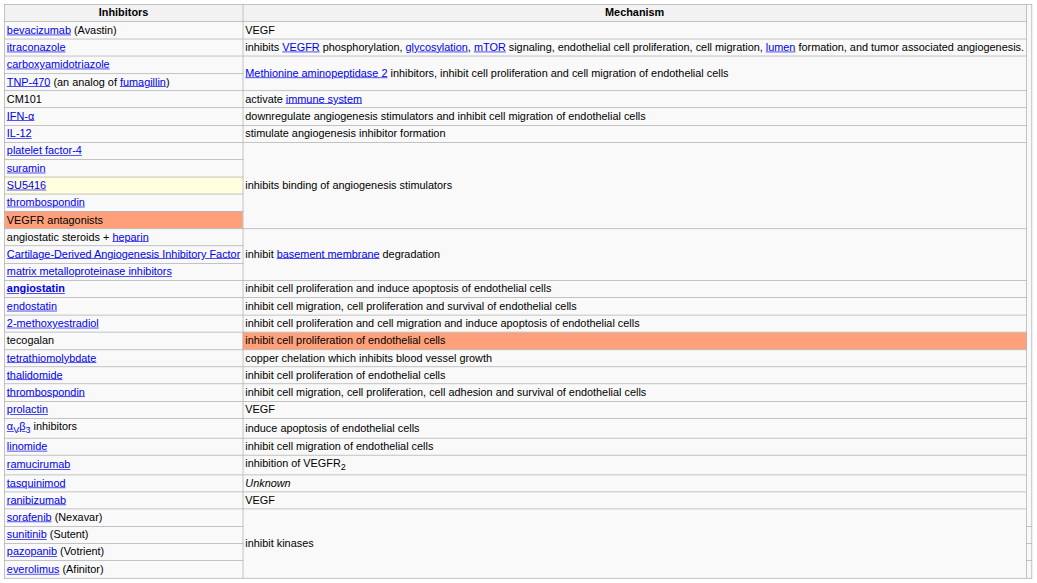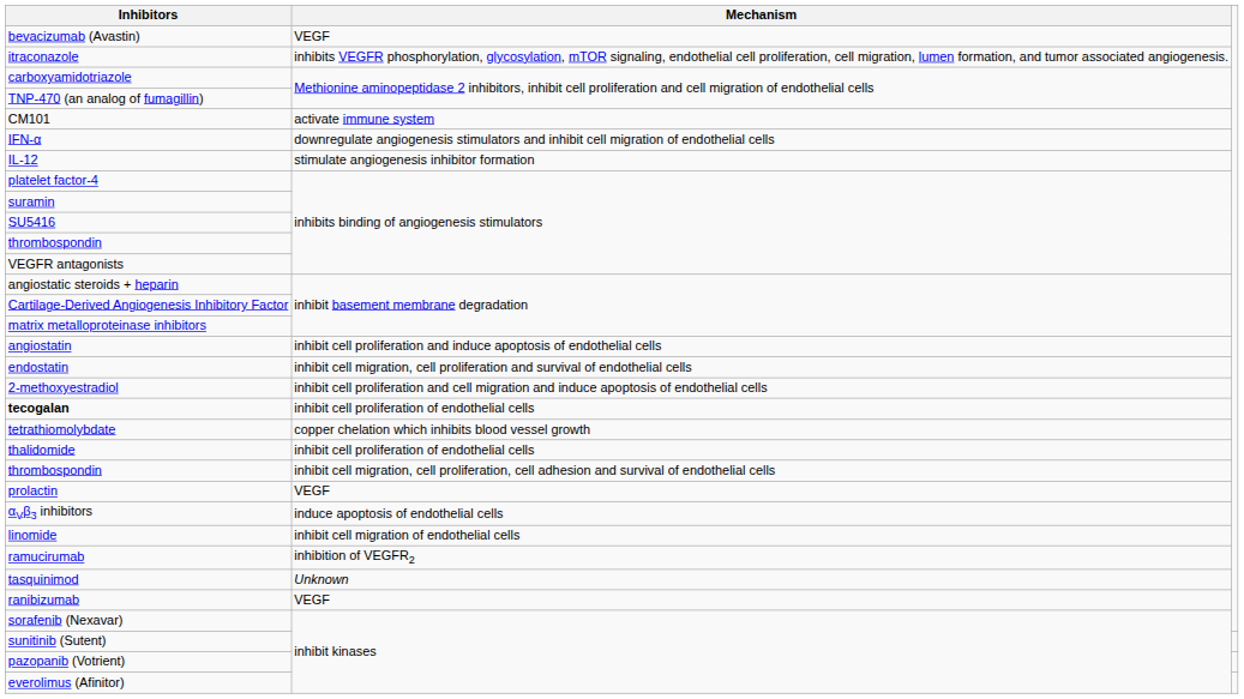 <table class="wikitable">
 <tr>
 <th>Inhibitors</th>
 <th>Mechanism</th>
 </tr>
 <tr>
 <td><a href='#'>bevacizumab</a> (Avastin)</td>
 <td binds vascular endothelial growth factor>VEGF</td>
 </tr>
 <tr>
 <td><a href='#'>itraconazole</a></td>
 <td>inhibits <a href='#'>VEGFR</a> phosphorylation, <a href='#'>glycosylation</a>, <a href='#'>mTOR</a> signaling, endothelial cell proliferation, cell migration, <a href='#'>lumen</a> formation, and tumor associated angiogenesis.</td>
 </tr>
 <tr>
 <td><a href='#'>carboxyamidotriazole</a></td>
 <td rowspan=2><a href='#'>Methionine aminopeptidase 2</a> inhibitors, inhibit cell proliferation and cell migration of endothelial cells</td>
 </tr>
 <tr>
 <td><a href='#'>TNP-470</a> (an analog of <a href='#'>fumagillin</a>)</td>
 </tr>
 <tr>
 <td>CM101</td>
 <td>activate <a href='#'>immune system</a></td>
 </tr>
 <tr>
 <td><a href='#'>IFN-α</a></td>
 <td>downregulate angiogenesis stimulators and inhibit cell migration of endothelial cells</td>
 </tr>
 <tr>
 <td><a href='#'>IL-12</a></td>
 <td>stimulate angiogenesis inhibitor formation</td>
 </tr>
 <tr>
 <td><a href='#'>platelet factor-4</a></td>
 <td rowspan=5>inhibits binding of angiogenesis stimulators</td>
 </tr>
 <tr>
 <td><a href='#'>suramin</a></td>
 </tr>
 <tr>
-<td style="background: lightyellow;"><a href='#'>SU5416</a></td>
+<td><a href='#'>SU5416</a></td>
 </tr>
 <tr>
 <td><a href='#'>thrombospondin</a></td>
 </tr>
 <tr>
-<td style="background: lightsalmon;">VEGFR antagonists</td>
+<td>VEGFR antagonists</td>
 </tr>
 <tr>
 <td>angiostatic steroids + <a href='#'>heparin</a></td>
 <td rowspan=3>inhibit <a href='#'>basement membrane</a> degradation</td>
 </tr>
 <tr>
 <td><a href='#'>Cartilage-Derived Angiogenesis Inhibitory Factor</a></td>
 </tr>
 <tr>
 <td><a href='#'>matrix metalloproteinase inhibitors</a></td>
 </tr>
 <tr>
-<td><strong><a href='#'>angiostatin</a></strong></td>
+<td><a href='#'>angiostatin</a></td>
 <td>inhibit cell proliferation and induce apoptosis of endothelial cells</td>
 </tr>
 <tr>
 <td><a href='#'>endostatin</a></td>
 <td>inhibit cell migration, cell proliferation and survival of endothelial cells</td>
 </tr>
 <tr>
 <td><a href='#'>2-methoxyestradiol</a></td>
 <td>inhibit cell proliferation and cell migration and induce apoptosis of endothelial cells</td>
 </tr>
 <tr>
-<td>tecogalan</td>
-<td style="background: lightsalmon;">inhibit cell proliferation of endothelial cells</td>
+<td><strong>tecogalan</strong></td>
+<td>inhibit cell proliferation of endothelial cells</td>
 </tr>
 <tr>
 <td><a href='#'>tetrathiomolybdate</a></td>
 <td>copper chelation which inhibits blood vessel growth</td>
 </tr>
 <tr>
 <td><a href='#'>thalidomide</a></td>
 <td>inhibit cell proliferation of endothelial cells</td>
 </tr>
 <tr>
 <td><a href='#'>thrombospondin</a></td>
 <td>inhibit cell migration, cell proliferation, cell adhesion and survival of endothelial cells</td>
 </tr>
 <tr>
 <td><a href='#'>prolactin</a></td>
 <td inhibit bFGF and Vascular endothelial growth factor>VEGF</td>
 </tr>
 <tr>
 <td><a href='#'>α<sub>V</sub>β<sub>3</sub></a> inhibitors</td>
 <td>induce apoptosis of endothelial cells</td>
 </tr>
 <tr>
 <td><a href='#'>linomide</a></td>
 <td>inhibit cell migration of endothelial cells</td>
 </tr>
 <tr>
 <td><a href='#'>ramucirumab</a></td>
 <td>inhibition of VEGFR<sub>2</sub></td>
 </tr>
 <tr>
 <td><a href='#'>tasquinimod</a></td>
 <td><em>Unknown</em></td>
 </tr>
 <tr>
 <td><a href='#'>ranibizumab</a></td>
 <td>VEGF</td>
 </tr>
 <tr>
 <td><a href='#'>sorafenib</a> (Nexavar)</td>
 <td rowspan=4>inhibit kinases</td>
 </tr>
 <tr>
 <td><a href='#'>sunitinib</a> (Sutent)</td>
 <td></td>
 </tr>
 <tr>
 <td><a href='#'>pazopanib</a> (Votrient)</td>
 <td></td>
 </tr>
 <tr>
 <td><a href='#'>everolimus</a> (Afinitor)</td>
 <td></td>
 </tr>
 </table>
